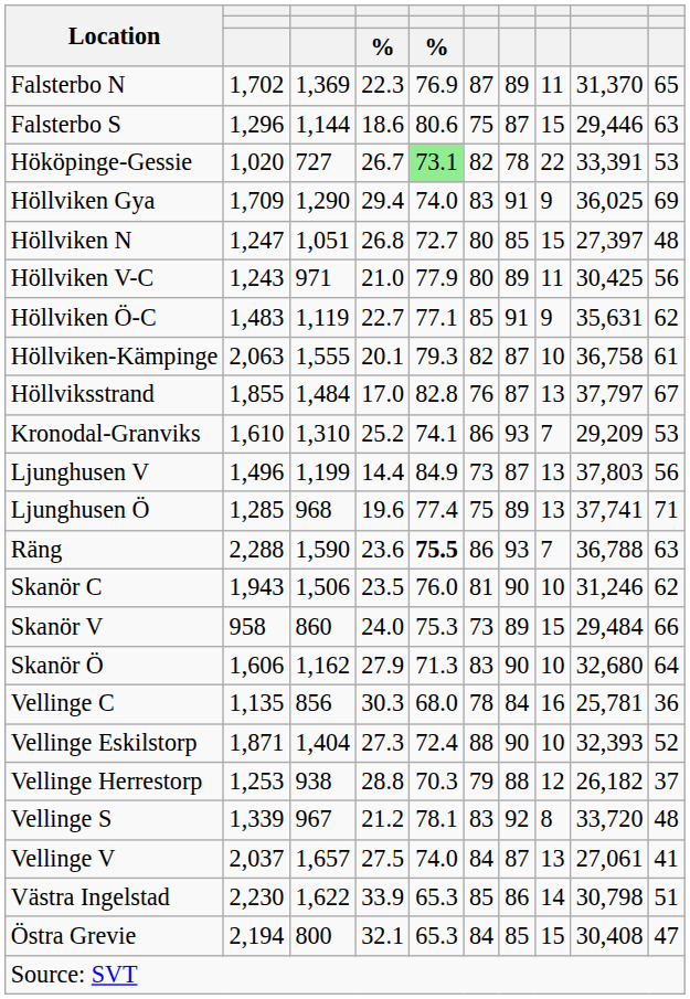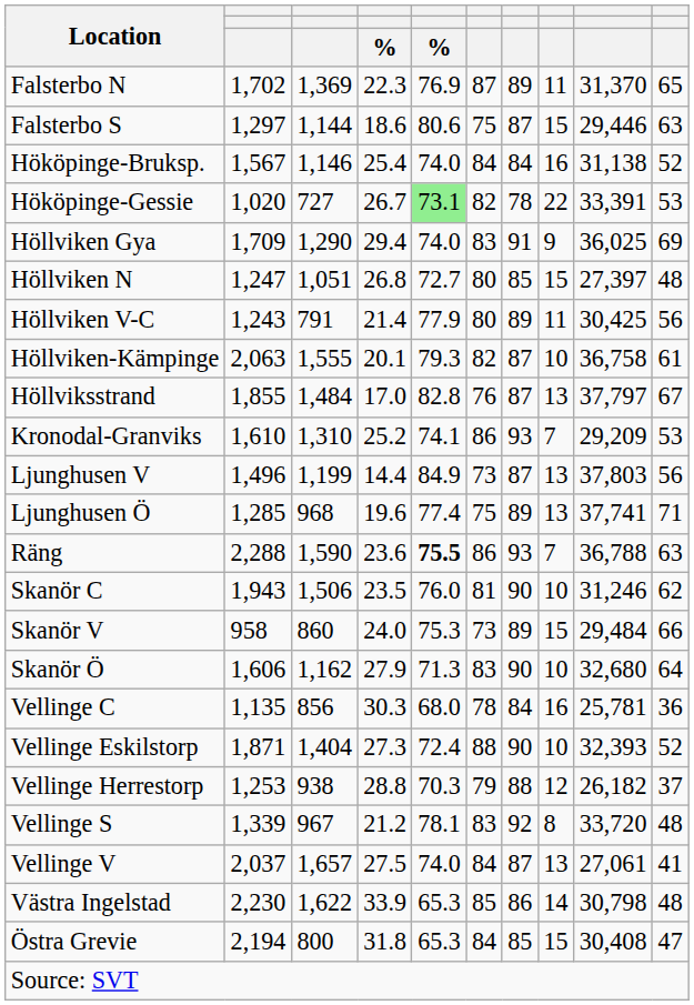 <table role="presentation" class="wikitable sortable mw-collapsible mw-collapsed">
 <tr>
 <th rowspan="3">Location</th>
 <th></th>
 <th></th>
 <th></th>
 <th></th>
 <th></th>
 <th></th>
 <th></th>
 <th></th>
 <th></th>
 </tr>
 <tr>
 <th></th>
 <th></th>
 <th style="background:"></th>
 <th style="background:"></th>
 <th></th>
 <th></th>
 <th></th>
 <th></th>
 <th></th>
 </tr>
 <tr>
 <th data-sort-type="number"></th>
 <th data-sort-type="number"></th>
 <th data-sort-type="number">%</th>
 <th data-sort-type="number">%</th>
 <th data-sort-type="number"></th>
 <th data-sort-type="number"></th>
 <th data-sort-type="number"></th>
 <th data-sort-type="number"></th>
 <th data-sort-type="number"></th>
 </tr>
 <tr>
 <td align="left">Falsterbo N</td>
 <td>1,702</td>
 <td>1,369</td>
 <td>22.3</td>
 <td>76.9</td>
 <td>87</td>
 <td>89</td>
 <td>11</td>
 <td>31,370</td>
 <td>65</td>
 </tr>
 <tr>
 <td align="left">Falsterbo S</td>
-<td>1,296</td>
+<td>1,297</td>
 <td>1,144</td>
 <td>18.6</td>
 <td>80.6</td>
 <td>75</td>
 <td>87</td>
 <td>15</td>
 <td>29,446</td>
 <td>63</td>
+</tr>
+<tr>
+<td align="left">Hököpinge-Bruksp.</td>
+<td>1,567</td>
+<td>1,146</td>
+<td>25.4</td>
+<td>74.0</td>
+<td>84</td>
+<td>84</td>
+<td>16</td>
+<td>31,138</td>
+<td>52</td>
 </tr>
 <tr>
 <td align="left">Hököpinge-Gessie</td>
 <td>1,020</td>
 <td>727</td>
 <td>26.7</td>
 <td style="background: lightgreen;">73.1</td>
 <td>82</td>
 <td>78</td>
 <td>22</td>
 <td>33,391</td>
 <td>53</td>
 </tr>
 <tr>
 <td align="left">Höllviken Gya</td>
 <td>1,709</td>
 <td>1,290</td>
 <td>29.4</td>
 <td>74.0</td>
 <td>83</td>
 <td>91</td>
 <td>9</td>
 <td>36,025</td>
 <td>69</td>
 </tr>
 <tr>
 <td align="left">Höllviken N</td>
 <td>1,247</td>
 <td>1,051</td>
 <td>26.8</td>
 <td>72.7</td>
 <td>80</td>
 <td>85</td>
 <td>15</td>
 <td>27,397</td>
 <td>48</td>
 </tr>
 <tr>
 <td align="left">Höllviken V-C</td>
 <td>1,243</td>
-<td>971</td>
-<td>21.0</td>
+<td>791</td>
+<td>21.4</td>
 <td>77.9</td>
 <td>80</td>
 <td>89</td>
 <td>11</td>
 <td>30,425</td>
 <td>56</td>
-</tr>
-<tr>
-<td align="left">Höllviken Ö-C</td>
-<td>1,483</td>
-<td>1,119</td>
-<td>22.7</td>
-<td>77.1</td>
-<td>85</td>
-<td>91</td>
-<td>9</td>
-<td>35,631</td>
-<td>62</td>
 </tr>
 <tr>
 <td align="left">Höllviken-Kämpinge</td>
 <td>2,063</td>
 <td>1,555</td>
 <td>20.1</td>
 <td>79.3</td>
 <td>82</td>
 <td>87</td>
 <td>10</td>
 <td>36,758</td>
 <td>61</td>
 </tr>
 <tr>
 <td align="left">Höllviksstrand</td>
 <td>1,855</td>
 <td>1,484</td>
 <td>17.0</td>
 <td>82.8</td>
 <td>76</td>
 <td>87</td>
 <td>13</td>
 <td>37,797</td>
 <td>67</td>
 </tr>
 <tr>
 <td align="left">Kronodal-Granviks</td>
 <td>1,610</td>
 <td>1,310</td>
 <td>25.2</td>
 <td>74.1</td>
 <td>86</td>
 <td>93</td>
 <td>7</td>
 <td>29,209</td>
 <td>53</td>
 </tr>
 <tr>
 <td align="left">Ljunghusen V</td>
 <td>1,496</td>
 <td>1,199</td>
 <td>14.4</td>
 <td>84.9</td>
 <td>73</td>
 <td>87</td>
 <td>13</td>
 <td>37,803</td>
 <td>56</td>
 </tr>
 <tr>
 <td align="left">Ljunghusen Ö</td>
 <td>1,285</td>
 <td>968</td>
 <td>19.6</td>
 <td>77.4</td>
 <td>75</td>
 <td>89</td>
 <td>13</td>
 <td>37,741</td>
 <td>71</td>
 </tr>
 <tr>
 <td align="left">Räng</td>
 <td>2,288</td>
 <td>1,590</td>
 <td>23.6</td>
 <td><strong>75.5</strong></td>
 <td>86</td>
 <td>93</td>
 <td>7</td>
 <td>36,788</td>
 <td>63</td>
 </tr>
 <tr>
 <td align="left">Skanör C</td>
 <td>1,943</td>
 <td>1,506</td>
 <td>23.5</td>
 <td>76.0</td>
 <td>81</td>
 <td>90</td>
 <td>10</td>
 <td>31,246</td>
 <td>62</td>
 </tr>
 <tr>
 <td align="left">Skanör V</td>
 <td>958</td>
 <td>860</td>
 <td>24.0</td>
 <td>75.3</td>
 <td>73</td>
 <td>89</td>
 <td>15</td>
 <td>29,484</td>
 <td>66</td>
 </tr>
 <tr>
 <td align="left">Skanör Ö</td>
 <td>1,606</td>
 <td>1,162</td>
 <td>27.9</td>
 <td>71.3</td>
 <td>83</td>
 <td>90</td>
 <td>10</td>
 <td>32,680</td>
 <td>64</td>
 </tr>
 <tr>
 <td align="left">Vellinge C</td>
 <td>1,135</td>
 <td>856</td>
 <td>30.3</td>
 <td>68.0</td>
 <td>78</td>
 <td>84</td>
 <td>16</td>
 <td>25,781</td>
 <td>36</td>
 </tr>
 <tr>
 <td align="left">Vellinge Eskilstorp</td>
 <td>1,871</td>
 <td>1,404</td>
 <td>27.3</td>
 <td>72.4</td>
 <td>88</td>
 <td>90</td>
 <td>10</td>
 <td>32,393</td>
 <td>52</td>
 </tr>
 <tr>
 <td align="left">Vellinge Herrestorp</td>
 <td>1,253</td>
 <td>938</td>
 <td>28.8</td>
 <td>70.3</td>
 <td>79</td>
 <td>88</td>
 <td>12</td>
 <td>26,182</td>
 <td>37</td>
 </tr>
 <tr>
 <td align="left">Vellinge S</td>
 <td>1,339</td>
 <td>967</td>
 <td>21.2</td>
 <td>78.1</td>
 <td>83</td>
 <td>92</td>
 <td>8</td>
 <td>33,720</td>
 <td>48</td>
 </tr>
 <tr>
 <td align="left">Vellinge V</td>
 <td>2,037</td>
 <td>1,657</td>
 <td>27.5</td>
 <td>74.0</td>
 <td>84</td>
 <td>87</td>
 <td>13</td>
 <td>27,061</td>
 <td>41</td>
 </tr>
 <tr>
 <td align="left">Västra Ingelstad</td>
 <td>2,230</td>
 <td>1,622</td>
 <td>33.9</td>
 <td>65.3</td>
 <td>85</td>
 <td>86</td>
 <td>14</td>
 <td>30,798</td>
-<td>51</td>
+<td>48</td>
 </tr>
 <tr>
 <td align="left">Östra Grevie</td>
 <td>2,194</td>
 <td>800</td>
-<td>32.1</td>
+<td>31.8</td>
 <td>65.3</td>
 <td>84</td>
 <td>85</td>
 <td>15</td>
 <td>30,408</td>
 <td>47</td>
 </tr>
 <tr>
 <td colspan="10" align="left">Source: <a href='#'>SVT</a></td>
 </tr>
 </table>
